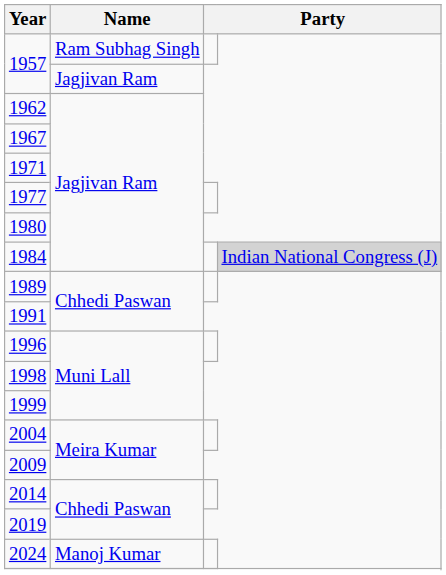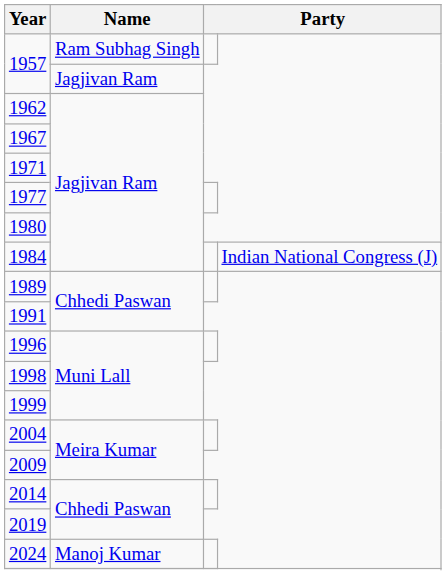 <table class="wikitable sortable">
 <tr>
 <th>Year</th>
 <th>Name</th>
 <th colspan="2">Party</th>
 </tr>
 <tr>
 <td rowspan="2"><a href='#'>1957</a></td>
 <td><a href='#'>Ram Subhag Singh</a></td>
 <td></td>
 </tr>
 <tr>
 <td><a href='#'>Jagjivan Ram</a></td>
 </tr>
 <tr>
 <td><a href='#'>1962</a></td>
 <td rowspan="6"><a href='#'>Jagjivan Ram</a></td>
 </tr>
 <tr>
 <td><a href='#'>1967</a></td>
 </tr>
 <tr>
 <td><a href='#'>1971</a></td>
 </tr>
 <tr>
 <td><a href='#'>1977</a></td>
 <td></td>
 </tr>
 <tr>
 <td><a href='#'>1980</a></td>
 </tr>
 <tr>
 <td><a href='#'>1984</a></td>
 <td width="4px" style="background-color: "></td>
-<td style="background: lightgrey;"><a href='#'>Indian National Congress (J)</a></td>
+<td><a href='#'>Indian National Congress (J)</a></td>
 </tr>
 <tr>
 <td><a href='#'>1989</a></td>
 <td rowspan="2"><a href='#'>Chhedi Paswan</a></td>
 <td></td>
 </tr>
 <tr>
 <td><a href='#'>1991</a></td>
 </tr>
 <tr>
 <td><a href='#'>1996</a></td>
 <td rowspan="3"><a href='#'>Muni Lall</a></td>
 <td></td>
 </tr>
 <tr>
 <td><a href='#'>1998</a></td>
 </tr>
 <tr>
 <td><a href='#'>1999</a></td>
 </tr>
 <tr>
 <td><a href='#'>2004</a></td>
 <td rowspan="2"><a href='#'>Meira Kumar</a></td>
 <td></td>
 </tr>
 <tr>
 <td><a href='#'>2009</a></td>
 </tr>
 <tr>
 <td><a href='#'>2014</a></td>
 <td rowspan="2"><a href='#'>Chhedi Paswan</a></td>
 <td></td>
 </tr>
 <tr>
 <td><a href='#'>2019</a></td>
 </tr>
 <tr>
 <td><a href='#'>2024</a></td>
 <td><a href='#'>Manoj Kumar</a></td>
 <td></td>
 </tr>
 <tr>
 </tr>
 </table>
